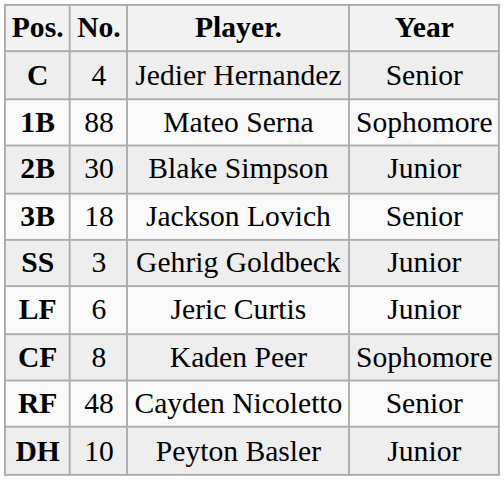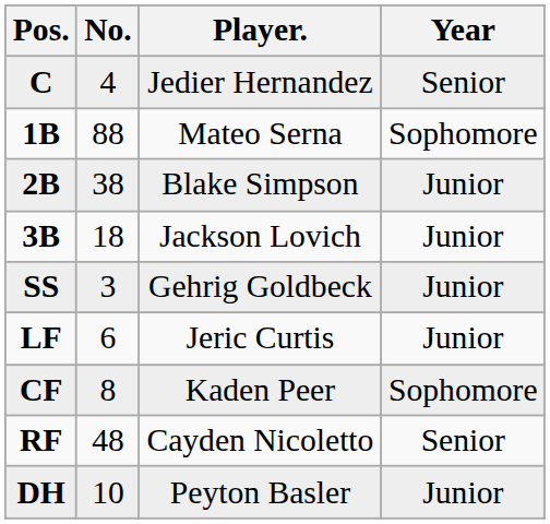 <table class="wikitable non-sortable">
 <tr>
 <th style="text-align:center; ">Pos.</th>
 <th style="text-align:center; ">No.</th>
 <th style="text-align:center; ">Player.</th>
 <th style="text-align:center; ">Year</th>
 </tr>
 <tr style="background:#eeeeee;text-align:center;">
 <td><strong>C</strong></td>
 <td>4</td>
 <td>Jedier Hernandez</td>
 <td>Senior</td>
 </tr>
 <tr style="text-align:center;">
 <td><strong>1B</strong></td>
 <td>88</td>
 <td>Mateo Serna</td>
 <td>Sophomore</td>
 </tr>
 <tr style="background:#eeeeee;text-align:center;">
 <td><strong>2B</strong></td>
-<td>30</td>
+<td>38</td>
 <td>Blake Simpson</td>
 <td>Junior</td>
 </tr>
 <tr style="text-align:center;">
 <td><strong>3B</strong></td>
 <td>18</td>
 <td>Jackson Lovich</td>
-<td>Senior</td>
+<td>Junior</td>
 </tr>
 <tr style="background:#eeeeee;text-align:center;">
 <td><strong>SS</strong></td>
 <td>3</td>
 <td>Gehrig Goldbeck</td>
 <td>Junior</td>
 </tr>
 <tr style="text-align:center;">
 <td><strong>LF</strong></td>
 <td>6</td>
 <td>Jeric Curtis</td>
 <td>Junior</td>
 </tr>
 <tr style="background:#eeeeee;text-align:center;">
 <td><strong>CF</strong></td>
 <td>8</td>
 <td>Kaden Peer</td>
 <td>Sophomore</td>
 </tr>
 <tr style="text-align:center;">
 <td><strong>RF</strong></td>
 <td>48</td>
 <td>Cayden Nicoletto</td>
 <td>Senior</td>
 </tr>
 <tr style="background:#eeeeee;text-align:center;">
 <td><strong>DH</strong></td>
 <td>10</td>
 <td>Peyton Basler</td>
 <td>Junior</td>
 </tr>
 </table>
